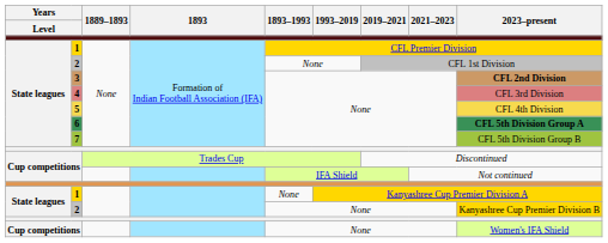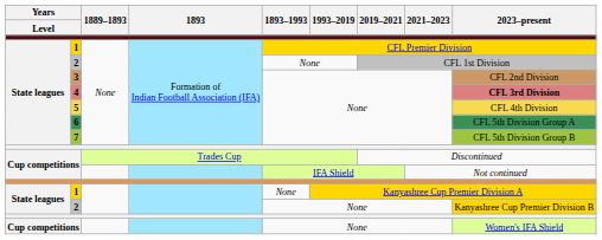 <table class="wikitable" style="text-align: center; font-size: 11px ;">
 <tr>
 <th colspan="2">Years</th>
 <th rowspan="2">1889–1893</th>
 <th rowspan="2">1893</th>
 <th rowspan="2">1893–1993</th>
 <th rowspan="2">1993–2019</th>
 <th rowspan="2">2019–2021</th>
 <th rowspan="2">2021–2023</th>
 <th rowspan="2">2023–present</th>
 </tr>
 <tr>
 <th colspan="2"><strong>Level</strong></th>
 </tr>
 <tr>
 <td colspan="9" bgcolor="#4f0d0e"></td>
 </tr>
 <tr>
 <th rowspan="7">State leagues</th>
 <td bgcolor="gold"><strong>1</strong></td>
 <td rowspan="7"><em>None</em></td>
 <td rowspan="7" bgcolor="#A1E6FF">Formation of <br> <a href='#'>Indian Football Association (IFA)</a></td>
 <td colspan="5" bgcolor="gold"><a href='#'>CFL Premier Division</a></td>
 </tr>
 <tr>
 <td bgcolor="silver"><strong>2</strong></td>
 <td colspan="2"><em>None</em></td>
 <td colspan="3" bgcolor="silver">CFL 1st Division</td>
 </tr>
 <tr>
 <td bgcolor="#cc9966"><strong>3</strong></td>
 <td colspan="4" rowspan="5"><em>None</em></td>
-<td bgcolor="#cc9966"><strong>CFL 2nd Division</strong></td>
+<td bgcolor="#cc9966">CFL 2nd Division</td>
 </tr>
 <tr>
 <td bgcolor="#dc7f80"><strong>4</strong></td>
-<td bgcolor="#dc7f80">CFL 3rd Division</td>
+<td bgcolor="#dc7f80"><strong>CFL 3rd Division</strong></td>
 </tr>
 <tr>
 <td bgcolor="#f7da4e"><strong>5</strong></td>
 <td bgcolor="#f7da4e">CFL 4th Division</td>
 </tr>
 <tr>
 <td bgcolor="#399157"><strong>6</strong></td>
-<td bgcolor="#399157"><strong>CFL 5th Division Group A</strong></td>
+<td bgcolor="#399157">CFL 5th Division Group A</td>
 </tr>
 <tr>
 <td bgcolor="#9fc440"><strong>7</strong></td>
 <td bgcolor="#9fc440">CFL 5th Division Group B</td>
 </tr>
 <tr>
 <th colspan="9"></th>
 </tr>
 <tr>
 <th colspan="2" rowspan="2">Cup competitions</th>
 <td colspan="4" bgcolor="#DEFF97"><a href='#'>Trades Cup</a></td>
 <td colspan="3"><em>Discontinued</em></td>
 </tr>
 <tr>
 <td></td>
 <td bgcolor="#A1E6FF"></td>
 <td colspan="3" bgcolor="#DEFF97"><a href='#'>IFA Shield</a></td>
 <td colspan="2"><em>Not continued</em></td>
 </tr>
 <tr>
 <td colspan="9" bgcolor="#e19650"></td>
 </tr>
 <tr>
 <th rowspan="2">State leagues</th>
 <td bgcolor="gold"><strong>1</strong></td>
 <td rowspan="2"></td>
 <td rowspan="2" bgcolor="#A1E6FF"></td>
 <td><em>None</em></td>
 <td colspan="4" bgcolor="gold"><a href='#'>Kanyashree Cup Premier Division A</a></td>
 </tr>
 <tr>
 <td bgcolor="silver"><strong>2</strong></td>
 <td colspan="4"><em>None</em></td>
 <td bgcolor="gold">Kanyashree Cup Premier Division B</td>
 </tr>
 <tr>
 <th colspan="9"></th>
 </tr>
 <tr>
 <th colspan="2" rowspan="2">Cup competitions</th>
 <td></td>
 <td bgcolor="#A1E6FF"></td>
 <td colspan="4"><em>None</em></td>
 <td bgcolor="#DEFF97"><a href='#'>Women's IFA Shield</a></td>
 </tr>
 </table>
